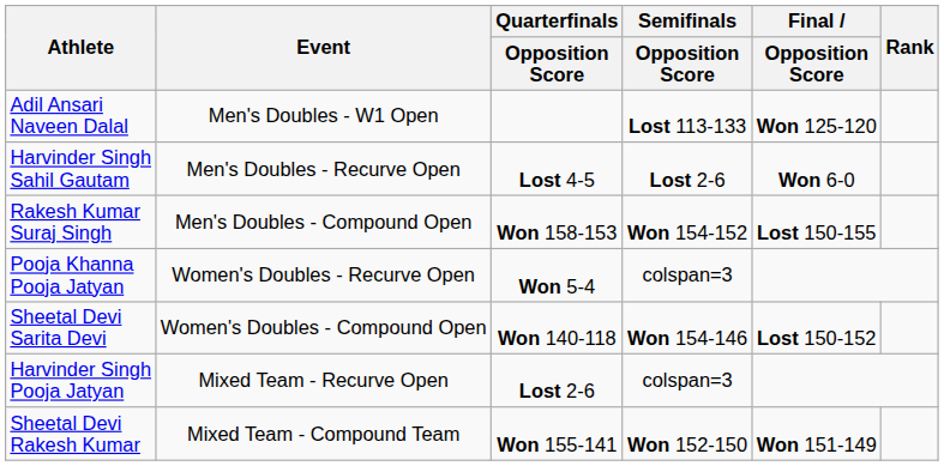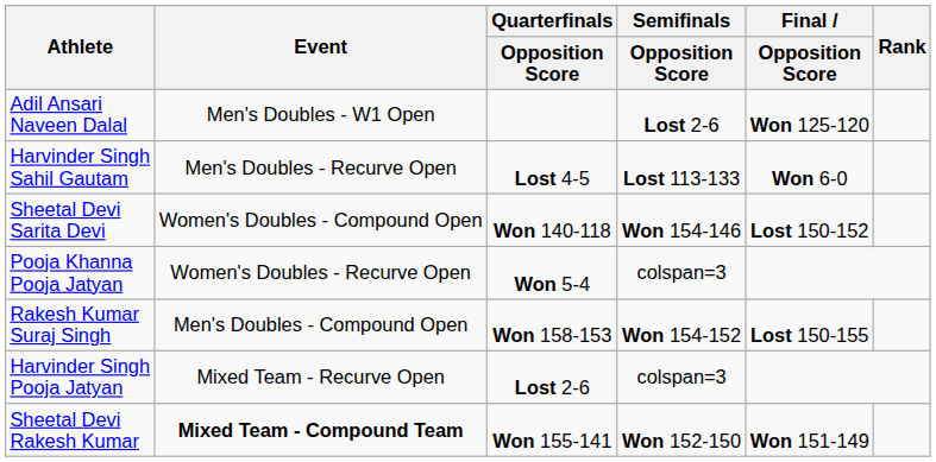 <table class="wikitable" style="text-align:center; font-size:90%">
 <tr>
 <th rowspan="2">Athlete</th>
 <th rowspan="2">Event</th>
 <th>Quarterfinals</th>
 <th>Semifinals</th>
 <th>Final / </th>
 <th rowspan="2">Rank</th>
 </tr>
 <tr>
 <th>Opposition<br>Score</th>
 <th>Opposition<br>Score</th>
 <th>Opposition<br>Score</th>
 </tr>
 <tr>
 <td align="left"><a href='#'>Adil Ansari</a><br><a href='#'>Naveen Dalal</a></td>
 <td>Men's Doubles - W1 Open</td>
 <td></td>
-<td><br><strong>Lost</strong> 113-133</td>
+<td><br><strong>Lost</strong> 2-6</td>
 <td><br><strong>Won</strong> 125-120</td>
 <td></td>
 </tr>
 <tr>
 <td align="left"><a href='#'>Harvinder Singh</a><br><a href='#'>Sahil Gautam</a></td>
 <td>Men's Doubles - Recurve Open</td>
 <td><br><strong>Lost</strong> 4-5</td>
-<td><br><strong>Lost</strong> 2-6</td>
+<td><br><strong>Lost</strong> 113-133</td>
 <td><br><strong>Won</strong> 6-0</td>
 <td></td>
+</tr>
+<tr>
+<td align="left"><a href='#'>Sheetal Devi</a><br><a href='#'>Sarita Devi</a></td>
+<td>Women's Doubles - Compound  Open</td>
+<td><br><strong>Won</strong> 140-118</td>
+<td><br><strong>Won</strong> 154-146</td>
+<td><br><strong>Lost</strong> 150-152</td>
+<td></td>
+</tr>
+<tr>
+<td align="left"><a href='#'>Pooja Khanna</a><br><a href='#'>Pooja Jatyan</a></td>
+<td>Women's Doubles - Recurve Open</td>
+<td><br><strong>Won</strong> 5-4</td>
+<td>colspan=3 </td>
 </tr>
 <tr>
 <td align="left"><a href='#'>Rakesh Kumar</a><br><a href='#'>Suraj Singh</a></td>
 <td>Men's Doubles - Compound  Open</td>
 <td><br><strong>Won</strong> 158-153</td>
 <td><br><strong>Won</strong> 154-152</td>
 <td><br><strong>Lost</strong> 150-155</td>
 <td></td>
 </tr>
 <tr>
-<td align="left"><a href='#'>Pooja Khanna</a><br><a href='#'>Pooja Jatyan</a></td>
-<td>Women's Doubles - Recurve Open</td>
-<td><br><strong>Won</strong> 5-4</td>
-<td>colspan=3 </td>
-</tr>
-<tr>
-<td align="left"><a href='#'>Sheetal Devi</a><br><a href='#'>Sarita Devi</a></td>
-<td>Women's Doubles - Compound  Open</td>
-<td><br><strong>Won</strong> 140-118</td>
-<td><br><strong>Won</strong> 154-146</td>
-<td><br><strong>Lost</strong> 150-152</td>
-<td></td>
-</tr>
-<tr>
 <td align="left"><a href='#'>Harvinder Singh</a><br><a href='#'>Pooja Jatyan</a></td>
 <td>Mixed Team - Recurve Open</td>
 <td><br><strong>Lost</strong> 2-6</td>
 <td>colspan=3 </td>
 </tr>
 <tr>
 <td align="left"><a href='#'>Sheetal Devi</a><br><a href='#'>Rakesh Kumar</a></td>
-<td>Mixed Team - Compound Team</td>
+<td><strong>Mixed Team - Compound Team</strong></td>
 <td><br><strong>Won</strong> 155-141</td>
 <td><br><strong>Won</strong> 152-150</td>
 <td><br><strong>Won</strong> 151-149</td>
 <td></td>
 </tr>
 </table>
